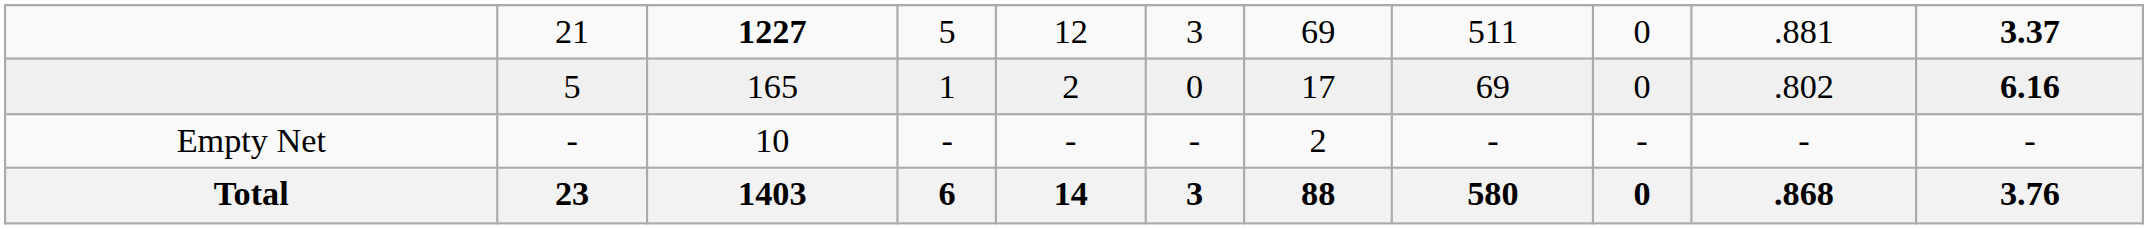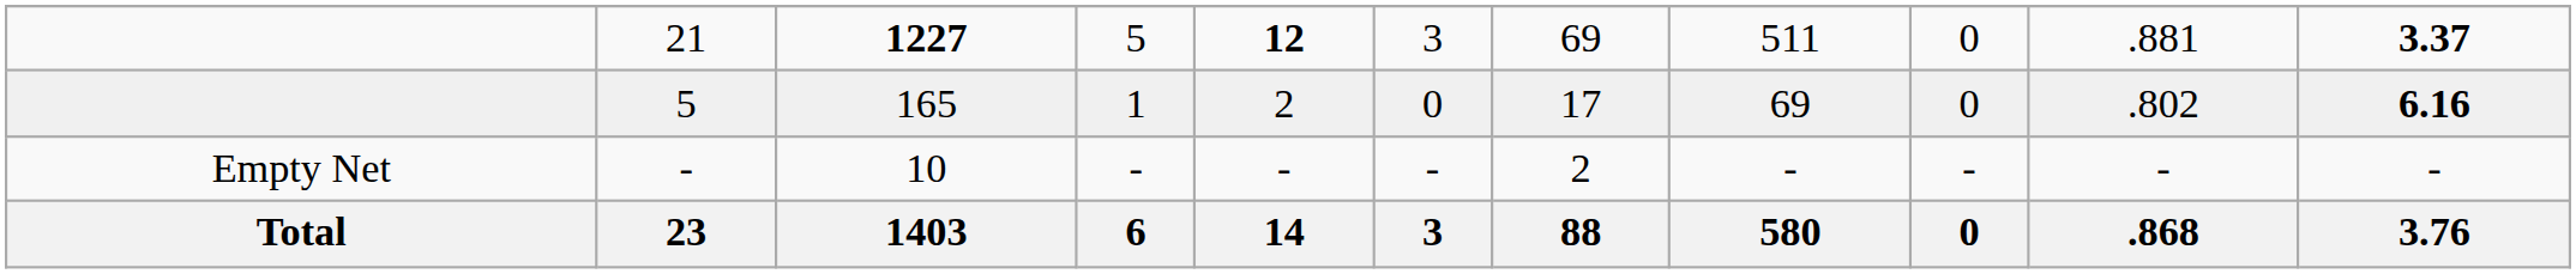 <table class="wikitable sortable" width ="1000">
 <tr align="center">
 </tr>
 <tr align="center" bgcolor="">
 <td></td>
 <td>21</td>
 <td><strong>1227</strong></td>
 <td>5</td>
-<td>12</td>
+<td><strong>12</strong></td>
 <td>3</td>
 <td>69</td>
 <td>511</td>
 <td>0</td>
 <td>.881</td>
 <td><strong>3.37</strong></td>
 </tr>
 <tr align="center" bgcolor="f0f0f0">
 <td></td>
 <td>5</td>
 <td>165</td>
 <td>1</td>
 <td>2</td>
 <td>0</td>
 <td>17</td>
 <td>69</td>
 <td>0</td>
 <td>.802</td>
 <td><strong>6.16</strong></td>
 </tr>
 <tr align="center" bgcolor="">
 <td>Empty Net</td>
 <td>-</td>
 <td>10</td>
 <td>-</td>
 <td>-</td>
 <td>-</td>
 <td>2</td>
 <td>-</td>
 <td>-</td>
 <td>-</td>
 <td>-</td>
 </tr>
 <tr>
 <th>Total</th>
 <th>23</th>
 <th>1403</th>
 <th>6</th>
 <th>14</th>
 <th>3</th>
 <th>88</th>
 <th>580</th>
 <th>0</th>
 <th>.868</th>
 <th>3.76</th>
 </tr>
 </table>
